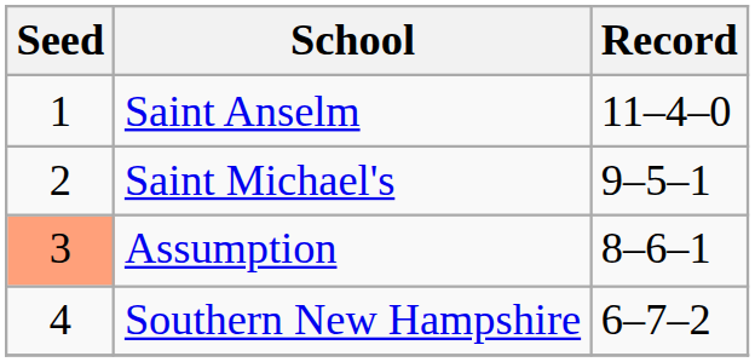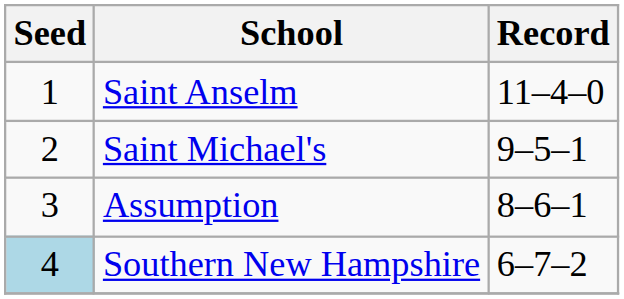 <table class="wikitable">
 <tr>
 <th>Seed</th>
 <th>School</th>
 <th>Record</th>
 </tr>
 <tr>
 <td align=center>1</td>
 <td><a href='#'>Saint Anselm</a></td>
 <td>11–4–0</td>
 </tr>
 <tr>
 <td align=center>2</td>
 <td><a href='#'>Saint Michael's</a></td>
 <td>9–5–1</td>
 </tr>
 <tr>
-<td align=center style="background: lightsalmon;">3</td>
+<td align=center>3</td>
 <td><a href='#'>Assumption</a></td>
 <td>8–6–1</td>
 </tr>
 <tr>
-<td align=center>4</td>
+<td align=center style="background: lightblue;">4</td>
 <td><a href='#'>Southern New Hampshire</a></td>
 <td>6–7–2</td>
 </tr>
 <tr>
 </tr>
 </table>
